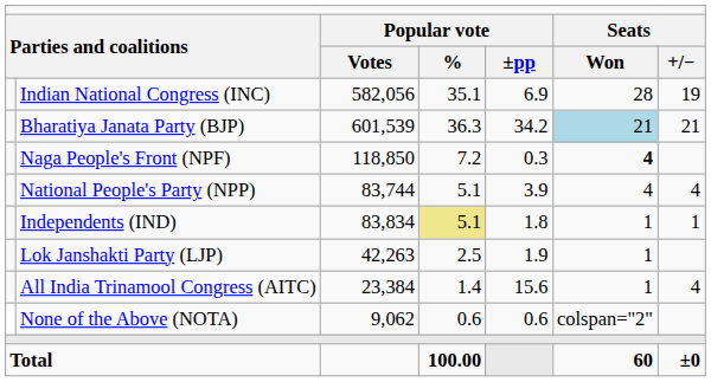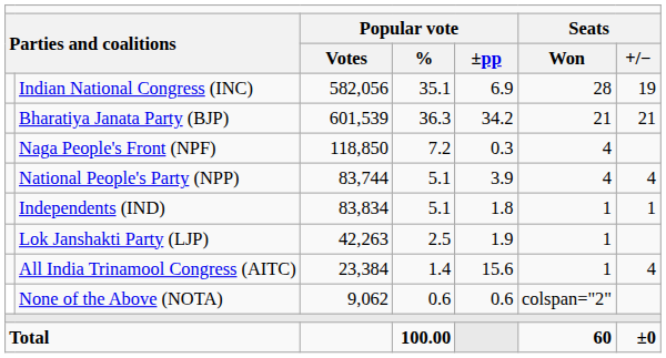 <table class="wikitable" style="text-align:right; font-size:95%;">
 <tr>
 <td colspan="7"></td>
 </tr>
 <tr style="background:#e9e9e9; text-align:center;">
 <th style="text-align:left;" rowspan="2" colspan="2">Parties and coalitions</th>
 <th colspan="3">Popular vote</th>
 <th colspan="2">Seats</th>
 </tr>
 <tr style="background:#e9e9e9; text-align:center;">
 <th style="width:70px;">Votes</th>
 <th style="width:45px;">%</th>
 <th style="width:45px;">±<a href='#'>pp</a></th>
 <th style="width:30px;">Won</th>
 <th style="width:30px;">+/−</th>
 </tr>
 <tr>
 <td style="color:inherit;background:"></td>
 <td style="text-align:left;"><a href='#'>Indian National Congress</a> (INC)</td>
 <td>582,056</td>
 <td>35.1</td>
 <td>6.9</td>
 <td>28</td>
 <td>19</td>
 </tr>
 <tr>
 <td width="1" style="color:inherit;background:"></td>
 <td style="text-align:left;"><a href='#'>Bharatiya Janata Party</a> (BJP)</td>
 <td>601,539</td>
 <td>36.3</td>
 <td>34.2</td>
-<td style="background: lightblue;">21</td>
+<td>21</td>
 <td>21</td>
 </tr>
 <tr>
 <td style="color:inherit;background:"></td>
 <td style="text-align:left;"><a href='#'>Naga People's Front</a> (NPF)</td>
 <td>118,850</td>
 <td>7.2</td>
 <td>0.3</td>
-<td><strong>4</strong></td>
+<td>4</td>
 <td></td>
 </tr>
 <tr>
 <td style="color:inherit;background:"></td>
 <td style="text-align:left;"><a href='#'>National People's Party</a> (NPP)</td>
 <td>83,744</td>
 <td>5.1</td>
 <td>3.9</td>
 <td>4</td>
 <td>4</td>
 </tr>
 <tr>
 <td style="color:inherit;background:"></td>
 <td style="text-align:left;"><a href='#'>Independents</a> (IND)</td>
 <td>83,834</td>
-<td style="background: khaki;">5.1</td>
+<td>5.1</td>
 <td>1.8</td>
 <td>1</td>
 <td>1</td>
 </tr>
 <tr>
 <td style="color:inherit;background:"></td>
 <td style="text-align:left;"><a href='#'>Lok Janshakti Party</a> (LJP)</td>
 <td>42,263</td>
 <td>2.5</td>
 <td>1.9</td>
 <td>1</td>
 <td></td>
 </tr>
 <tr>
 <td style="color:inherit;background:"></td>
 <td style="text-align:left;"><a href='#'>All India Trinamool Congress</a> (AITC)</td>
 <td>23,384</td>
 <td>1.4</td>
 <td>15.6</td>
 <td>1</td>
 <td>4</td>
 </tr>
 <tr>
 <td style="background:white;"></td>
 <td style="text-align:left;"><a href='#'>None of the Above</a> (NOTA)</td>
 <td>9,062</td>
 <td>0.6</td>
 <td>0.6</td>
 <td>colspan="2" </td>
 </tr>
 <tr>
 <td colspan="7" style="background:#e9e9e9;"></td>
 </tr>
 <tr style="font-weight:bold;">
 <td style="text-align:left;" colspan="2">Total</td>
 <td></td>
 <td>100.00</td>
 <td style="background:#e9e9e9;"></td>
 <td>60</td>
 <td>±0</td>
 </tr>
 </table>
